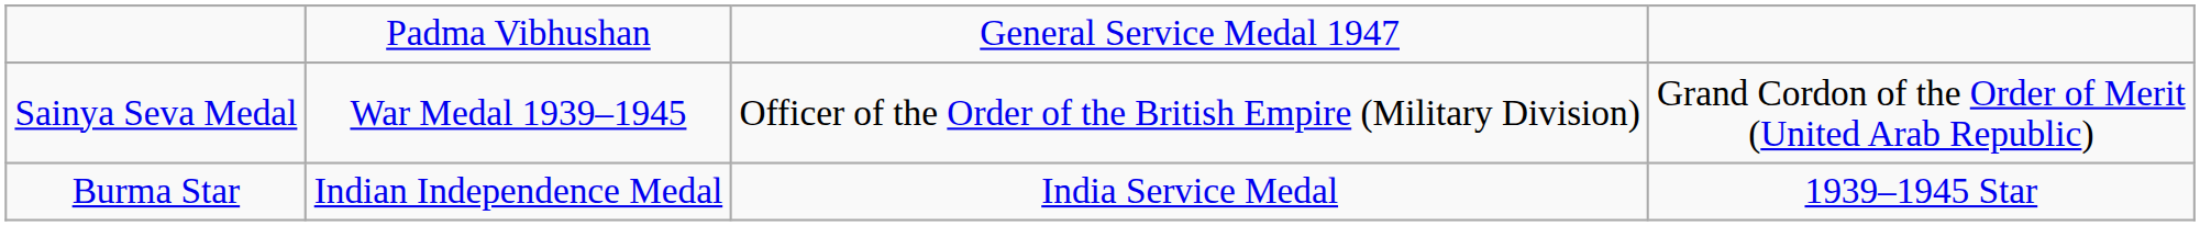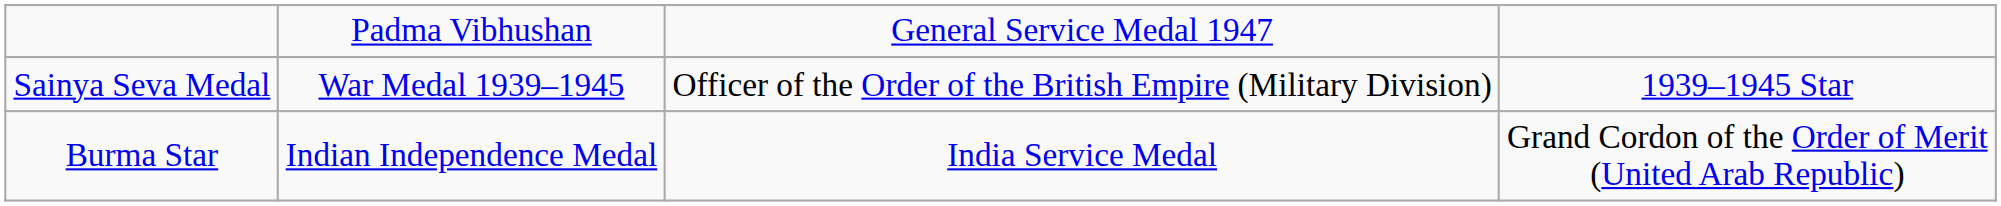 <table class="wikitable" style="margin:1em auto; text-align:center;">
 <tr>
 <td></td>
 <td><a href='#'>Padma Vibhushan</a></td>
 <td><a href='#'>General Service Medal 1947</a></td>
 <td></td>
 </tr>
 <tr>
 <td><a href='#'>Sainya Seva Medal</a></td>
 <td><a href='#'>War Medal 1939–1945</a></td>
 <td>Officer of the <a href='#'>Order of the British Empire</a> (Military Division)</td>
-<td>Grand Cordon of the <a href='#'>Order of Merit</a><br>(<a href='#'>United Arab Republic</a>)</td>
+<td><a href='#'>1939–1945 Star</a></td>
 </tr>
 <tr>
 <td><a href='#'>Burma Star</a></td>
 <td><a href='#'>Indian Independence Medal</a></td>
 <td><a href='#'>India Service Medal</a></td>
-<td><a href='#'>1939–1945 Star</a></td>
+<td>Grand Cordon of the <a href='#'>Order of Merit</a><br>(<a href='#'>United Arab Republic</a>)</td>
 </tr>
 </table>
